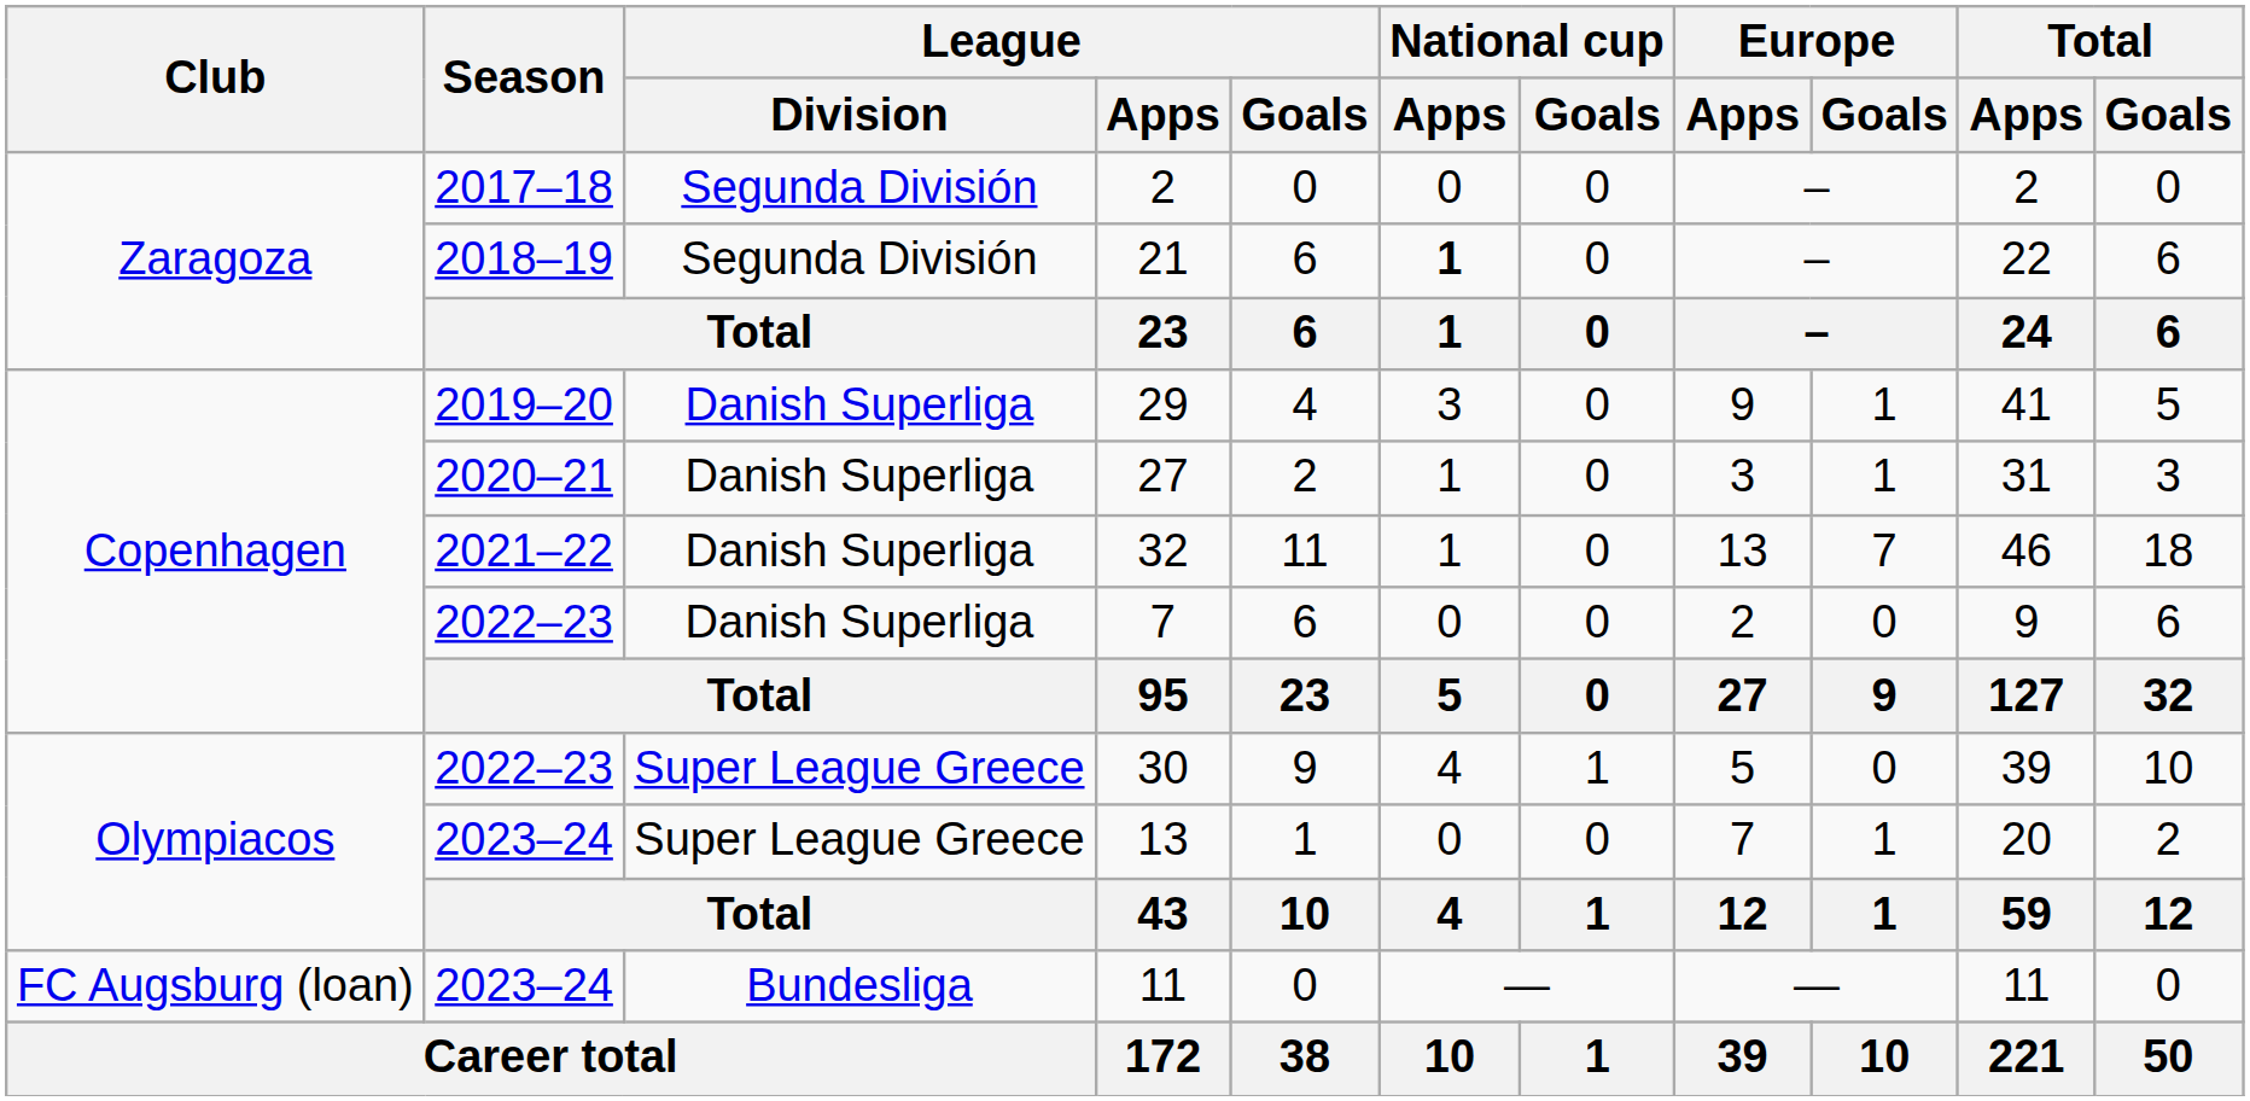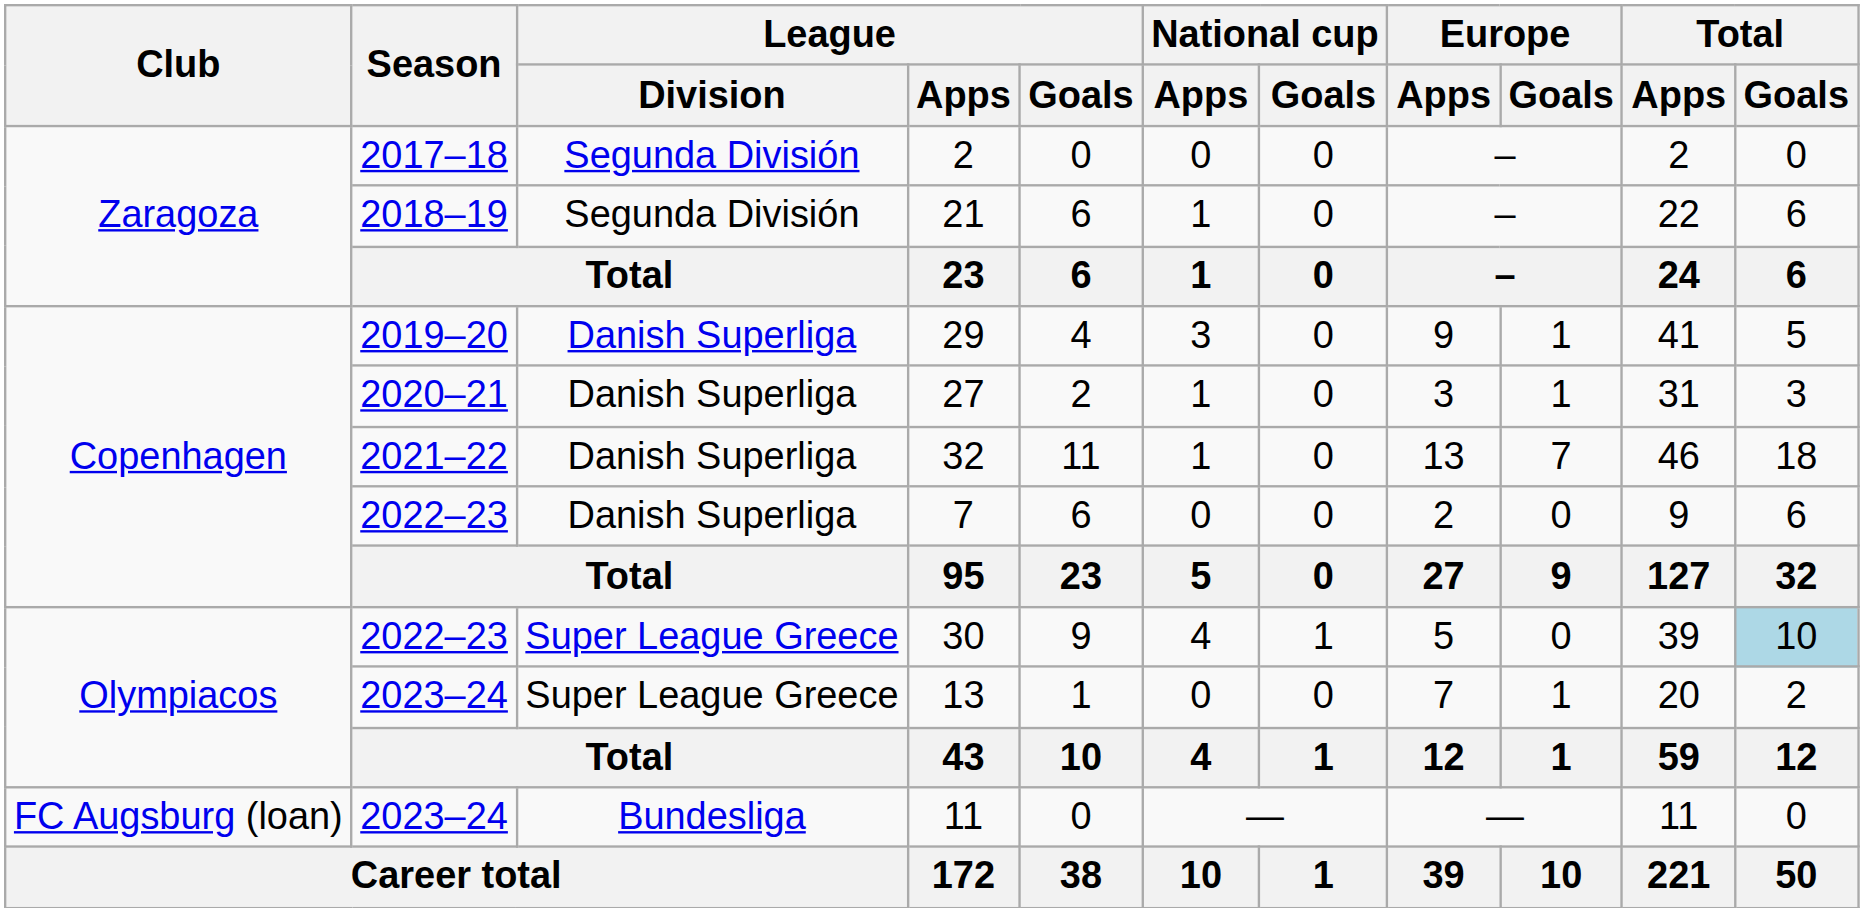 <table class="wikitable" style="text-align:center">
 <tr>
 <th rowspan="2">Club</th>
 <th rowspan="2">Season</th>
 <th colspan="3">League</th>
 <th colspan="2">National cup</th>
 <th colspan="2">Europe</th>
 <th colspan="2">Total</th>
 </tr>
 <tr>
 <th>Division</th>
 <th>Apps</th>
 <th>Goals</th>
 <th>Apps</th>
 <th>Goals</th>
 <th>Apps</th>
 <th>Goals</th>
 <th>Apps</th>
 <th>Goals</th>
 </tr>
 <tr>
 <td rowspan="3"><a href='#'>Zaragoza</a></td>
 <td><a href='#'>2017–18</a></td>
 <td><a href='#'>Segunda División</a></td>
 <td>2</td>
 <td>0</td>
 <td>0</td>
 <td>0</td>
 <td colspan="2">–</td>
 <td>2</td>
 <td>0</td>
 </tr>
 <tr>
 <td><a href='#'>2018–19</a></td>
 <td>Segunda División</td>
 <td>21</td>
 <td>6</td>
-<td><strong>1</strong></td>
+<td>1</td>
 <td>0</td>
 <td colspan="2">–</td>
 <td>22</td>
 <td>6</td>
 </tr>
 <tr>
 <th colspan="2">Total</th>
 <th>23</th>
 <th>6</th>
 <th>1</th>
 <th>0</th>
 <th colspan="2">–</th>
 <th>24</th>
 <th>6</th>
 </tr>
 <tr>
 <td rowspan="5"><a href='#'>Copenhagen</a></td>
 <td><a href='#'>2019–20</a></td>
 <td><a href='#'>Danish Superliga</a></td>
 <td>29</td>
 <td>4</td>
 <td>3</td>
 <td>0</td>
 <td>9</td>
 <td>1</td>
 <td>41</td>
 <td>5</td>
 </tr>
 <tr>
 <td><a href='#'>2020–21</a></td>
 <td>Danish Superliga</td>
 <td>27</td>
 <td>2</td>
 <td>1</td>
 <td>0</td>
 <td>3</td>
 <td>1</td>
 <td>31</td>
 <td>3</td>
 </tr>
 <tr>
 <td><a href='#'>2021–22</a></td>
 <td>Danish Superliga</td>
 <td>32</td>
 <td>11</td>
 <td>1</td>
 <td>0</td>
 <td>13</td>
 <td>7</td>
 <td>46</td>
 <td>18</td>
 </tr>
 <tr>
 <td><a href='#'>2022–23</a></td>
 <td>Danish Superliga</td>
 <td>7</td>
 <td>6</td>
 <td>0</td>
 <td>0</td>
 <td>2</td>
 <td>0</td>
 <td>9</td>
 <td>6</td>
 </tr>
 <tr>
 <th colspan="2">Total</th>
 <th>95</th>
 <th>23</th>
 <th>5</th>
 <th>0</th>
 <th>27</th>
 <th>9</th>
 <th>127</th>
 <th>32</th>
 </tr>
 <tr>
 <td rowspan="3"><a href='#'>Olympiacos</a></td>
 <td><a href='#'>2022–23</a></td>
 <td><a href='#'>Super League Greece</a></td>
 <td>30</td>
 <td>9</td>
 <td>4</td>
 <td>1</td>
 <td>5</td>
 <td>0</td>
 <td>39</td>
-<td>10</td>
+<td style="background: lightblue;">10</td>
 </tr>
 <tr>
 <td><a href='#'>2023–24</a></td>
 <td>Super League Greece</td>
 <td>13</td>
 <td>1</td>
 <td>0</td>
 <td>0</td>
 <td>7</td>
 <td>1</td>
 <td>20</td>
 <td>2</td>
 </tr>
 <tr>
 <th colspan="2">Total</th>
 <th>43</th>
 <th>10</th>
 <th>4</th>
 <th>1</th>
 <th>12</th>
 <th>1</th>
 <th>59</th>
 <th>12</th>
 </tr>
 <tr>
 <td><a href='#'>FC Augsburg</a> (loan)</td>
 <td><a href='#'>2023–24</a></td>
 <td><a href='#'>Bundesliga</a></td>
 <td>11</td>
 <td>0</td>
 <td colspan="2">—</td>
 <td colspan="2">—</td>
 <td>11</td>
 <td>0</td>
 </tr>
 <tr>
 <th colspan="3">Career total</th>
 <th>172</th>
 <th>38</th>
 <th>10</th>
 <th>1</th>
 <th>39</th>
 <th>10</th>
 <th>221</th>
 <th>50</th>
 </tr>
 </table>
